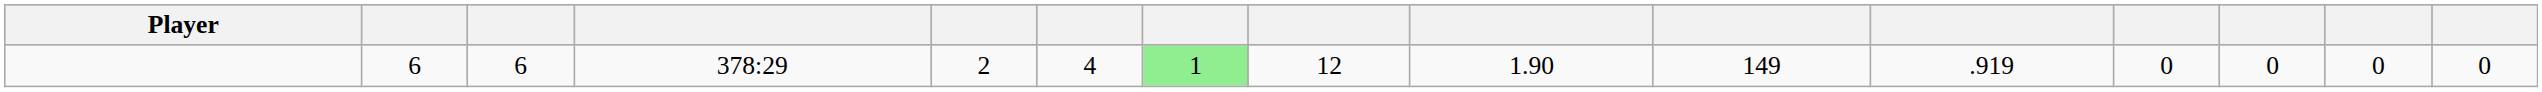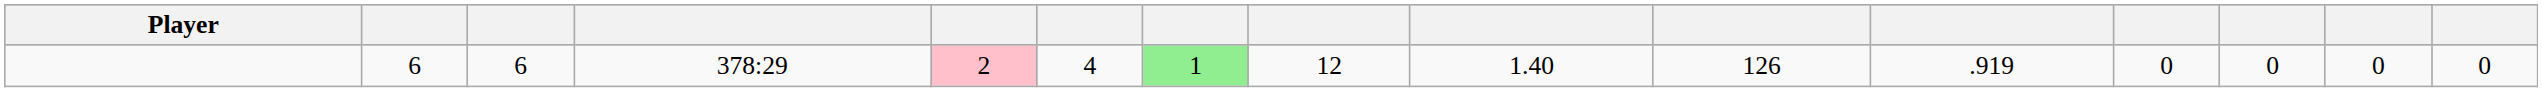 <table class="wikitable sortable" style="width:100%;">
 <tr style="text-align:center; background:#ddd;">
 <th>Player</th>
 <th></th>
 <th></th>
 <th></th>
 <th></th>
 <th></th>
 <th></th>
 <th></th>
 <th></th>
 <th></th>
 <th></th>
 <th></th>
 <th></th>
 <th></th>
 <th></th>
 </tr>
 <tr align=center>
 <td style=white-space:nowrap></td>
 <td>6</td>
 <td>6</td>
 <td>378:29</td>
-<td>2</td>
+<td style="background: pink;">2</td>
 <td>4</td>
 <td style="background: lightgreen;">1</td>
 <td>12</td>
-<td>1.90</td>
-<td>149</td>
+<td>1.40</td>
+<td>126</td>
 <td>.919</td>
 <td>0</td>
 <td>0</td>
 <td>0</td>
 <td>0</td>
 </tr>
 </table>
